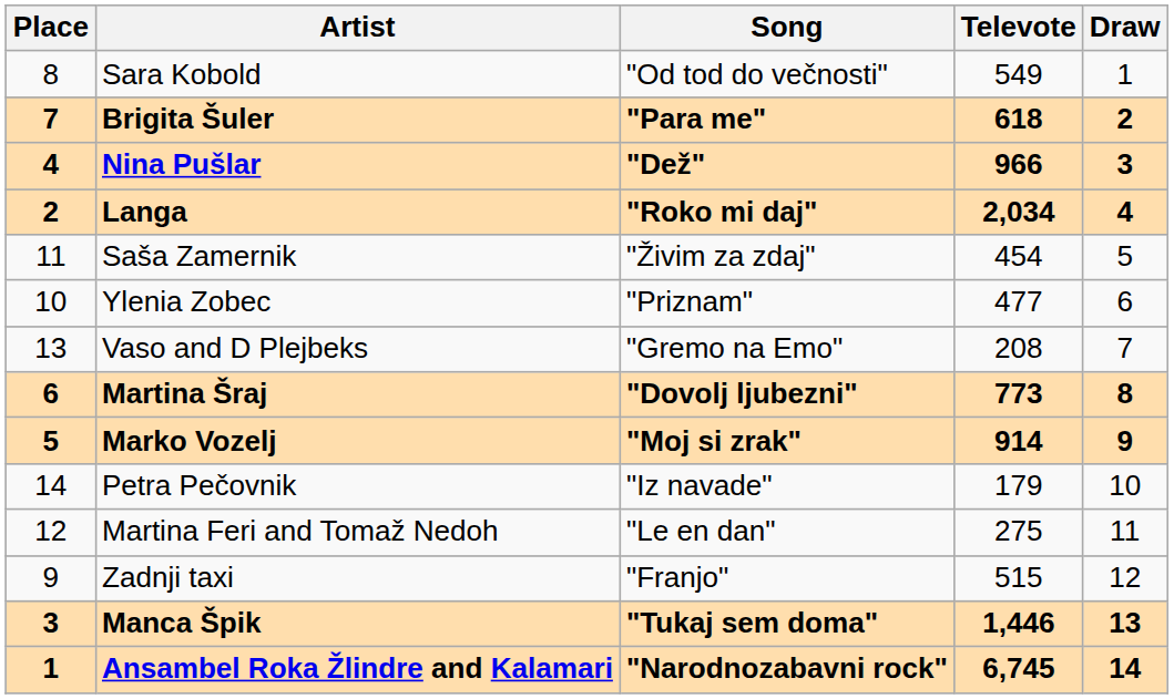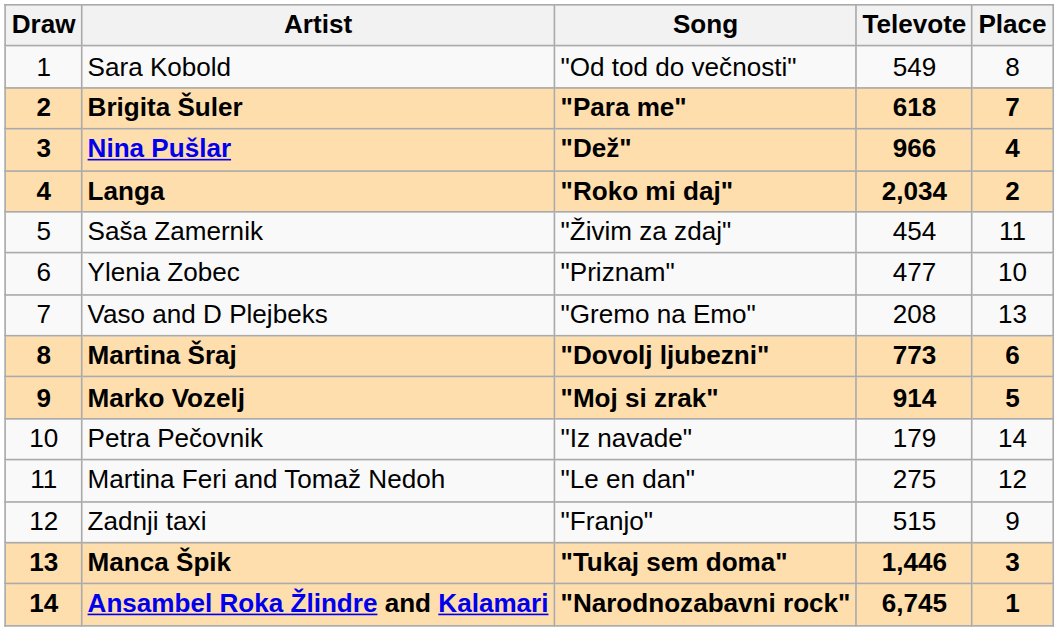 <table class="sortable wikitable" style="margin: 1em auto 1em auto; text-align:center">
 <tr>
-<th>Place</th>
+<th>Draw</th>
 <th>Artist</th>
 <th>Song</th>
 <th>Televote</th>
-<th>Draw</th>
+<th>Place</th>
 </tr>
 <tr>
-<td>8</td>
+<td>1</td>
 <td align="left">Sara Kobold</td>
 <td align="left">"Od tod do večnosti"</td>
 <td>549</td>
-<td>1</td>
+<td>8</td>
 </tr>
 <tr style="font-weight:bold;background:navajowhite">
-<td>7</td>
+<td>2</td>
 <td align="left">Brigita Šuler</td>
 <td align="left">"Para me"</td>
 <td>618</td>
-<td>2</td>
+<td>7</td>
 </tr>
 <tr style="font-weight:bold;background:navajowhite">
-<td>4</td>
+<td>3</td>
 <td align="left"><a href='#'>Nina Pušlar</a></td>
 <td align="left">"Dež"</td>
 <td>966</td>
-<td>3</td>
+<td>4</td>
 </tr>
 <tr style="font-weight:bold; background:navajowhite">
-<td>2</td>
+<td>4</td>
 <td align="left">Langa</td>
 <td align="left">"Roko mi daj"</td>
 <td>2,034</td>
-<td>4</td>
+<td>2</td>
 </tr>
 <tr>
-<td>11</td>
+<td>5</td>
 <td align="left">Saša Zamernik</td>
 <td align="left">"Živim za zdaj"</td>
 <td>454</td>
+<td>11</td>
+</tr>
+<tr>
+<td>6</td>
+<td align="left">Ylenia Zobec</td>
+<td align="left">"Priznam"</td>
+<td>477</td>
+<td>10</td>
+</tr>
+<tr>
+<td>7</td>
+<td align="left">Vaso and D Plejbeks</td>
+<td align="left">"Gremo na Emo"</td>
+<td>208</td>
+<td>13</td>
+</tr>
+<tr style="font-weight:bold; background:navajowhite">
+<td>8</td>
+<td align="left">Martina Šraj</td>
+<td align="left">"Dovolj ljubezni"</td>
+<td>773</td>
+<td>6</td>
+</tr>
+<tr style="font-weight:bold; background:navajowhite">
+<td>9</td>
+<td align="left">Marko Vozelj</td>
+<td align="left">"Moj si zrak"</td>
+<td>914</td>
 <td>5</td>
 </tr>
 <tr>
 <td>10</td>
-<td align="left">Ylenia Zobec</td>
-<td align="left">"Priznam"</td>
-<td>477</td>
-<td>6</td>
-</tr>
-<tr>
-<td>13</td>
-<td align="left">Vaso and D Plejbeks</td>
-<td align="left">"Gremo na Emo"</td>
-<td>208</td>
-<td>7</td>
-</tr>
-<tr style="font-weight:bold; background:navajowhite">
-<td>6</td>
-<td align="left">Martina Šraj</td>
-<td align="left">"Dovolj ljubezni"</td>
-<td>773</td>
-<td>8</td>
-</tr>
-<tr style="font-weight:bold; background:navajowhite">
-<td>5</td>
-<td align="left">Marko Vozelj</td>
-<td align="left">"Moj si zrak"</td>
-<td>914</td>
-<td>9</td>
-</tr>
-<tr>
-<td>14</td>
 <td align="left">Petra Pečovnik</td>
 <td align="left">"Iz navade"</td>
 <td>179</td>
-<td>10</td>
+<td>14</td>
+</tr>
+<tr>
+<td>11</td>
+<td align="left">Martina Feri and Tomaž Nedoh</td>
+<td align="left">"Le en dan"</td>
+<td>275</td>
+<td>12</td>
 </tr>
 <tr>
 <td>12</td>
-<td align="left">Martina Feri and Tomaž Nedoh</td>
-<td align="left">"Le en dan"</td>
-<td>275</td>
-<td>11</td>
-</tr>
-<tr>
-<td>9</td>
 <td align="left">Zadnji taxi</td>
 <td align="left">"Franjo"</td>
 <td>515</td>
-<td>12</td>
+<td>9</td>
 </tr>
 <tr style="font-weight:bold; background:navajowhite">
-<td>3</td>
+<td>13</td>
 <td align="left">Manca Špik</td>
 <td align="left">"Tukaj sem doma"</td>
 <td>1,446</td>
-<td>13</td>
+<td>3</td>
 </tr>
 <tr style="font-weight:bold; background:navajowhite">
-<td>1</td>
+<td>14</td>
 <td align="left"><a href='#'>Ansambel Roka Žlindre</a> and <a href='#'>Kalamari</a></td>
 <td align="left">"Narodnozabavni rock"</td>
 <td>6,745</td>
-<td>14</td>
+<td>1</td>
 </tr>
 </table>
